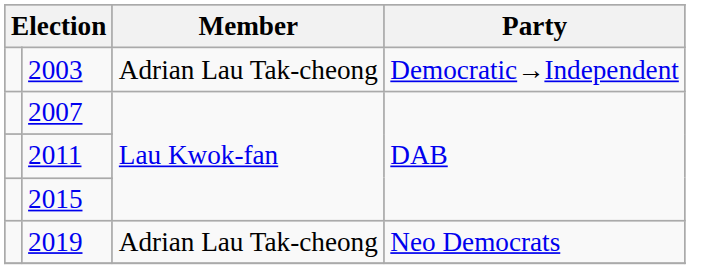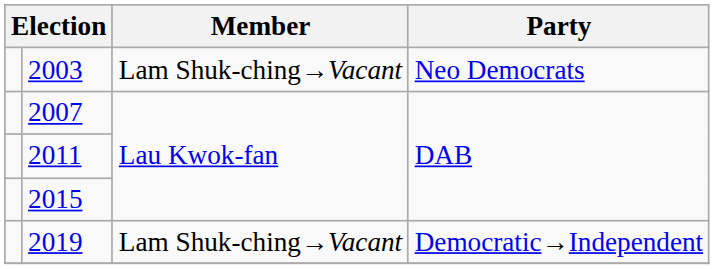 <table class="wikitable">
 <tr>
 <th colspan="2">Election</th>
 <th>Member</th>
 <th>Party</th>
 </tr>
 <tr>
 <td style="background-color: "></td>
 <td><a href='#'>2003</a></td>
-<td>Adrian Lau Tak-cheong</td>
-<td><a href='#'>Democratic</a>→<a href='#'>Independent</a></td>
+<td>Lam Shuk-ching→<em>Vacant</em></td>
+<td><a href='#'>Neo Democrats</a></td>
 </tr>
 <tr>
 <td style="background-color: "></td>
 <td><a href='#'>2007</a></td>
 <td rowspan=3><a href='#'>Lau Kwok-fan</a></td>
 <td rowspan=3><a href='#'>DAB</a></td>
 </tr>
 <tr>
 <td style="background-color: "></td>
 <td><a href='#'>2011</a></td>
 </tr>
 <tr>
 <td style="background-color: "></td>
 <td><a href='#'>2015</a></td>
 </tr>
 <tr>
 <td style="background-color: "></td>
 <td><a href='#'>2019</a></td>
-<td>Adrian Lau Tak-cheong</td>
-<td><a href='#'>Neo Democrats</a></td>
+<td>Lam Shuk-ching→<em>Vacant</em></td>
+<td><a href='#'>Democratic</a>→<a href='#'>Independent</a></td>
 </tr>
 <tr>
 </tr>
 </table>
